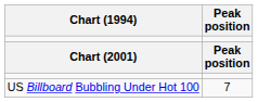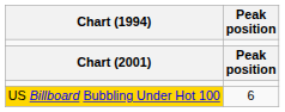 <table class="wikitable sortable">
 <tr>
 <th>Chart (1994)</th>
 <th>Peak<br>position</th>
 </tr>
 <tr>
 <td></td>
 </tr>
 <tr>
 <th>Chart (2001)</th>
 <th>Peak<br>position</th>
 </tr>
 <tr>
 <td></td>
 </tr>
 <tr>
-<td align="left">US <em><a href='#'>Billboard</a></em> <a href='#'>Bubbling Under Hot 100</a></td>
-<td align="center">7</td>
+<td align="left" style="background: gold;">US <em><a href='#'>Billboard</a></em> <a href='#'>Bubbling Under Hot 100</a></td>
+<td align="center">6</td>
 </tr>
 </table>
